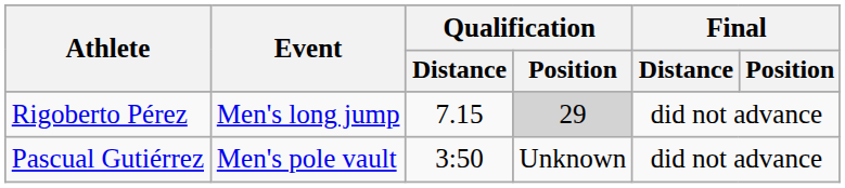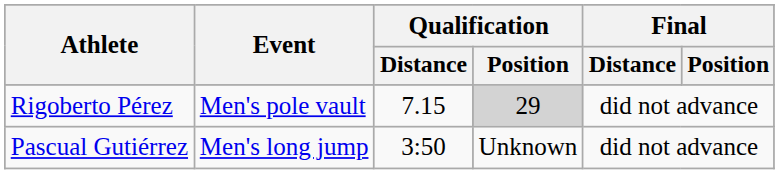 <table class=wikitable style="font-size:90%">
 <tr>
 <th rowspan="2">Athlete</th>
 <th rowspan="2">Event</th>
 <th colspan="2">Qualification</th>
 <th colspan="2">Final</th>
 </tr>
 <tr style="font-size:95%">
 <th>Distance</th>
 <th>Position</th>
 <th>Distance</th>
 <th>Position</th>
 </tr>
 <tr align=center>
 <td align=left><a href='#'>Rigoberto Pérez</a></td>
-<td align=left><a href='#'>Men's long jump</a></td>
+<td align=left><a href='#'>Men's pole vault</a></td>
 <td>7.15</td>
 <td style="background: lightgrey;">29</td>
 <td colspan=2>did not advance</td>
 </tr>
 <tr align=center>
 <td align=left><a href='#'>Pascual Gutiérrez</a></td>
-<td align=left><a href='#'>Men's pole vault</a></td>
+<td align=left><a href='#'>Men's long jump</a></td>
 <td>3:50</td>
 <td>Unknown</td>
 <td colspan=2>did not advance</td>
 </tr>
 </table>
